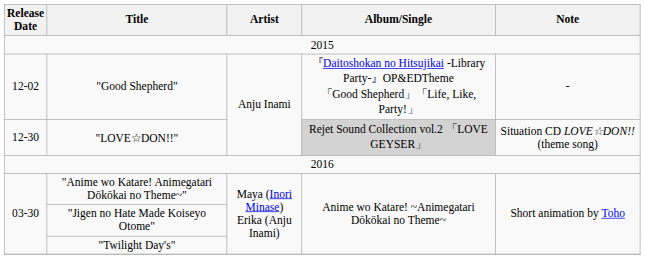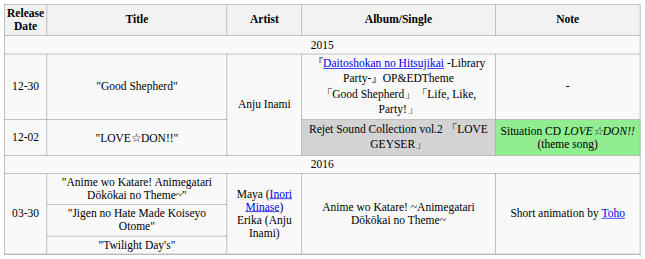 <table class="wikitable" style="width: 100%; text-align: center">
 <tr>
 <th>Release<br>Date</th>
 <th>Title</th>
 <th>Artist</th>
 <th>Album/Single</th>
 <th>Note</th>
 </tr>
 <tr>
 <td colspan="5">2015</td>
 </tr>
 <tr>
-<td>12-02</td>
+<td>12-30</td>
 <td>"Good Shepherd"</td>
 <td rowspan="2">Anju Inami</td>
 <td>『<a href='#'>Daitoshokan no Hitsujikai</a> -Library Party-』OP&EDTheme<br>「Good Shepherd」「Life, Like, Party!」</td>
 <td>-</td>
 </tr>
 <tr>
-<td>12-30</td>
+<td>12-02</td>
 <td>"LOVE☆DON!!"</td>
 <td style="background: lightgrey;">Rejet Sound Collection vol.2 「LOVE GEYSER」</td>
-<td>Situation CD <em>LOVE☆DON!!</em> (theme song)</td>
+<td style="background: lightgreen;">Situation CD <em>LOVE☆DON!!</em> (theme song)</td>
 </tr>
 <tr>
 <td colspan="5">2016</td>
 </tr>
 <tr>
 <td rowspan="3">03-30</td>
 <td>"Anime wo Katare! Animegatari Dōkōkai no Theme~"</td>
 <td rowspan="3">Maya (<a href='#'>Inori Minase</a>)<br>Erika (Anju Inami)</td>
 <td rowspan="3">Anime wo Katare! ~Animegatari Dōkōkai no Theme~</td>
 <td rowspan="3">Short animation by <a href='#'>Toho</a></td>
 </tr>
 <tr>
 <td>"Jigen no Hate Made Koiseyo Otome"</td>
 </tr>
 <tr>
 <td>"Twilight Day's"</td>
 </tr>
 <tr>
 </tr>
 </table>
